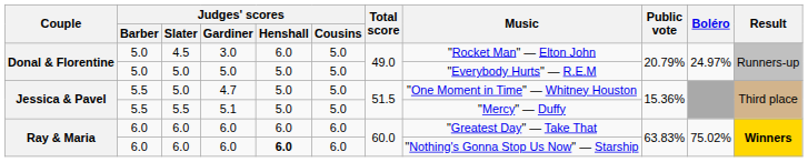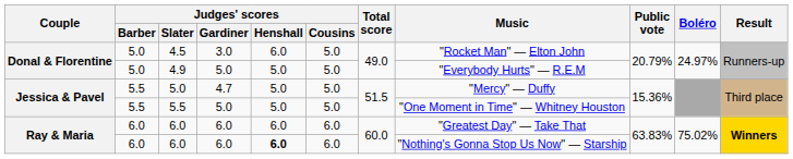 <table class="wikitable sortable" style="text-align:center; ; font-size:90%">
 <tr>
 <th scope="col" rowspan=2>Couple</th>
 <th scope="col" colspan=5 class="unsortable">Judges' scores</th>
 <th scope="col" rowspan=2>Total<br>score</th>
 <th scope="col" rowspan=2 class="unsortable">Music</th>
 <th scope="col" rowspan=2>Public<br>vote</th>
 <th scope="col" rowspan=2 class="unsortable"><a href='#'>Boléro</a></th>
 <th scope="col" rowspan=2 class="unsortable">Result</th>
 </tr>
 <tr>
 <th class="unsortable">Barber</th>
 <th class="unsortable">Slater</th>
 <th class="unsortable">Gardiner</th>
 <th class="unsortable">Henshall</th>
 <th class="unsortable">Cousins</th>
 </tr>
 <tr>
 <th scope="row" rowspan=2>Donal & Florentine</th>
 <td>5.0</td>
 <td>4.5</td>
 <td>3.0</td>
 <td>6.0</td>
 <td>5.0</td>
 <td rowspan=2>49.0</td>
 <td>"<a href='#'>Rocket Man</a>" — <a href='#'>Elton John</a></td>
 <td rowspan="2">20.79%</td>
 <td rowspan=2>24.97%</td>
 <td rowspan=2 bgcolor="silver">Runners-up</td>
 </tr>
 <tr>
 <td>5.0</td>
-<td>5.0</td>
+<td>4.9</td>
 <td>5.0</td>
 <td>5.0</td>
 <td>5.0</td>
 <td>"<a href='#'>Everybody Hurts</a>" — <a href='#'>R.E.M</a></td>
 </tr>
 <tr>
 <th scope="row" rowspan=2>Jessica & Pavel</th>
 <td>5.5</td>
 <td>5.0</td>
 <td>4.7</td>
 <td>5.0</td>
 <td>5.0</td>
 <td rowspan=2>51.5</td>
-<td>"<a href='#'>One Moment in Time</a>" — <a href='#'>Whitney Houston</a></td>
+<td>"<a href='#'>Mercy</a>" — <a href='#'>Duffy</a></td>
 <td rowspan="2">15.36%</td>
 <td rowspan=2 bgcolor="darkgray"></td>
 <td rowspan=2 bgcolor="tan">Third place</td>
 </tr>
 <tr>
 <td>5.5</td>
 <td>5.5</td>
-<td>5.1</td>
 <td>5.0</td>
 <td>5.0</td>
-<td>"<a href='#'>Mercy</a>" — <a href='#'>Duffy</a></td>
+<td>5.0</td>
+<td>"<a href='#'>One Moment in Time</a>" — <a href='#'>Whitney Houston</a></td>
 </tr>
 <tr>
 <th scope="row" rowspan=2>Ray & Maria</th>
 <td>6.0</td>
 <td>6.0</td>
 <td>6.0</td>
 <td>6.0</td>
 <td>6.0</td>
 <td rowspan=2>60.0</td>
 <td>"<a href='#'>Greatest Day</a>" — <a href='#'>Take That</a></td>
 <td rowspan="2">63.83%</td>
 <td rowspan=2>75.02%</td>
 <td rowspan=2 bgcolor="gold"><strong>Winners</strong></td>
 </tr>
 <tr>
 <td>6.0</td>
 <td>6.0</td>
 <td>6.0</td>
 <td><strong>6.0</strong></td>
 <td>6.0</td>
 <td>"<a href='#'>Nothing's Gonna Stop Us Now</a>" — <a href='#'>Starship</a></td>
 </tr>
 </table>
